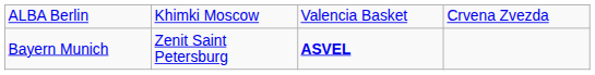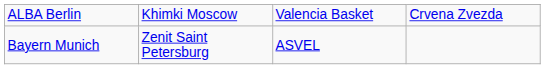 <table class="wikitable" style="table-layout:fixed;width:100%;">
 <tr>
 <td width=25%> <a href='#'>ALBA Berlin</a> </td>
 <td width=25%> <a href='#'>Khimki Moscow</a> </td>
 <td width=25%> <a href='#'>Valencia Basket</a> </td>
 <td width=25%> <a href='#'>Crvena Zvezda</a> </td>
 </tr>
 <tr>
 <td> <a href='#'>Bayern Munich</a> </td>
 <td> <a href='#'>Zenit Saint Petersburg</a> </td>
-<td><strong> <a href='#'>ASVEL</a> </strong></td>
+<td> <a href='#'>ASVEL</a> </td>
 <td></td>
 </tr>
 </table>
